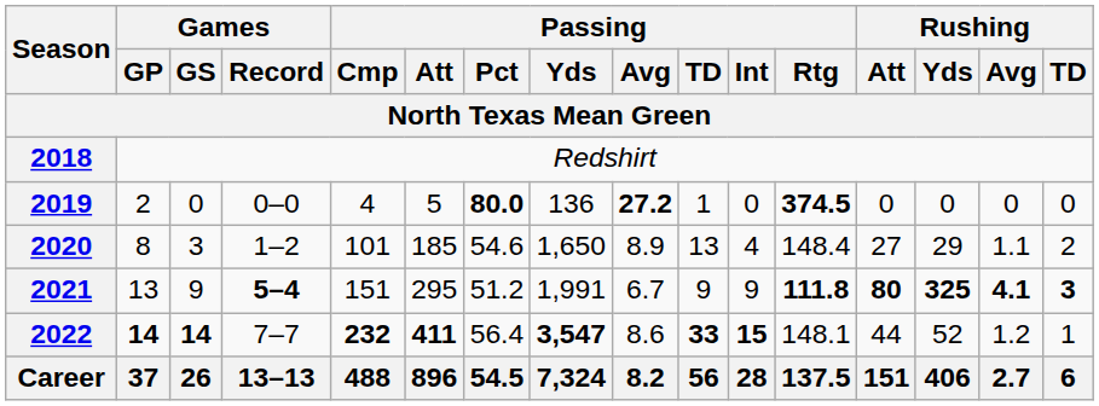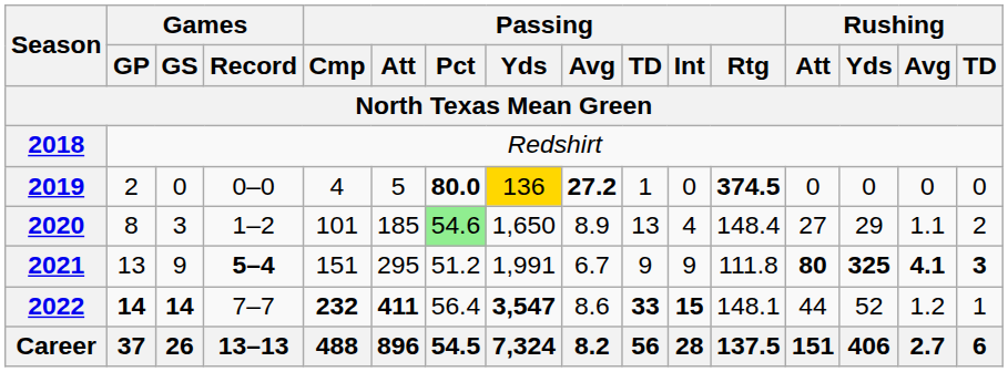 <table class="wikitable" style="text-align:center;">
 <tr>
 <th rowspan="2">Season</th>
 <th colspan="3">Games</th>
 <th colspan="8">Passing</th>
 <th colspan="5">Rushing</th>
 </tr>
 <tr>
 <th>GP</th>
 <th>GS</th>
 <th>Record</th>
 <th>Cmp</th>
 <th>Att</th>
 <th>Pct</th>
 <th>Yds</th>
 <th>Avg</th>
 <th>TD</th>
 <th>Int</th>
 <th>Rtg</th>
 <th>Att</th>
 <th>Yds</th>
 <th>Avg</th>
 <th>TD</th>
 </tr>
 <tr>
 <th colspan="16">North Texas Mean Green</th>
 </tr>
 <tr>
 <th><a href='#'>2018</a></th>
 <td colspan="15"><em>Redshirt </em></td>
 </tr>
 <tr>
 <th><a href='#'>2019</a></th>
 <td>2</td>
 <td>0</td>
 <td>0–0</td>
 <td>4</td>
 <td>5</td>
 <td><strong>80.0</strong></td>
-<td>136</td>
+<td style="background: gold;">136</td>
 <td><strong>27.2</strong></td>
 <td>1</td>
 <td>0</td>
 <td><strong>374.5</strong></td>
 <td>0</td>
 <td>0</td>
 <td>0</td>
 <td>0</td>
 </tr>
 <tr>
 <th><a href='#'>2020</a></th>
 <td>8</td>
 <td>3</td>
 <td>1–2</td>
 <td>101</td>
 <td>185</td>
-<td>54.6</td>
+<td style="background: lightgreen;">54.6</td>
 <td>1,650</td>
 <td>8.9</td>
 <td>13</td>
 <td>4</td>
 <td>148.4</td>
 <td>27</td>
 <td>29</td>
 <td>1.1</td>
 <td>2</td>
 </tr>
 <tr>
 <th><a href='#'>2021</a></th>
 <td>13</td>
 <td>9</td>
 <td><strong>5–4</strong></td>
 <td>151</td>
 <td>295</td>
 <td>51.2</td>
 <td>1,991</td>
 <td>6.7</td>
 <td>9</td>
 <td>9</td>
-<td><strong>111.8</strong></td>
+<td>111.8</td>
 <td><strong>80</strong></td>
 <td><strong>325</strong></td>
 <td><strong>4.1</strong></td>
 <td><strong>3</strong></td>
 </tr>
 <tr>
 <th><a href='#'>2022</a></th>
 <td><strong>14</strong></td>
 <td><strong>14</strong></td>
 <td>7–7</td>
 <td><strong>232</strong></td>
 <td><strong>411</strong></td>
 <td>56.4</td>
 <td><strong>3,547</strong></td>
 <td>8.6</td>
 <td><strong>33</strong></td>
 <td><strong>15</strong></td>
 <td>148.1</td>
 <td>44</td>
 <td>52</td>
 <td>1.2</td>
 <td>1</td>
 </tr>
 <tr>
 <th>Career</th>
 <th>37</th>
 <th>26</th>
 <th>13–13</th>
 <th>488</th>
 <th>896</th>
 <th>54.5</th>
 <th>7,324</th>
 <th>8.2</th>
 <th>56</th>
 <th>28</th>
 <th>137.5</th>
 <th>151</th>
 <th>406</th>
 <th>2.7</th>
 <th>6</th>
 </tr>
 </table>
